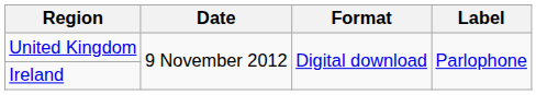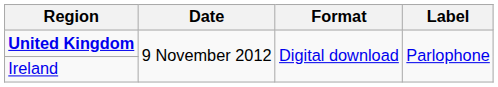 <table class=wikitable>
 <tr>
 <th>Region</th>
 <th>Date</th>
 <th>Format</th>
 <th>Label</th>
 </tr>
 <tr>
-<td><a href='#'>United Kingdom</a></td>
+<td><strong><a href='#'>United Kingdom</a></strong></td>
 <td rowspan="2">9 November 2012</td>
 <td rowspan="2"><a href='#'>Digital download</a></td>
 <td rowspan="2"><a href='#'>Parlophone</a></td>
 </tr>
 <tr>
 <td><a href='#'>Ireland</a></td>
 </tr>
 </table>
